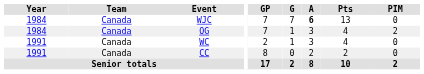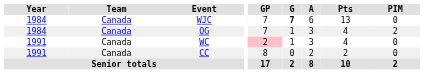 <table border="0" cellpadding="1" cellspacing="0" style="text-align:center; width:50em">
 <tr bgcolor="#e0e0e0">
 <th>Year</th>
 <th>Team</th>
 <th>Event</th>
 <th rowspan="99" bgcolor="#ffffff"></th>
 <th>GP</th>
 <th>G</th>
 <th>A</th>
 <th>Pts</th>
 <th>PIM</th>
 </tr>
 <tr>
 <td><a href='#'>1984</a></td>
 <td><a href='#'>Canada</a></td>
 <td><a href='#'>WJC</a></td>
 <td>7</td>
-<td>7</td>
-<td><strong>6</strong></td>
+<td><strong>7</strong></td>
+<td>6</td>
 <td>13</td>
 <td>0</td>
 </tr>
 <tr bgcolor="#f0f0f0">
 <td><a href='#'>1984</a></td>
 <td><a href='#'>Canada</a></td>
 <td><a href='#'>OG</a></td>
 <td>7</td>
 <td>1</td>
 <td>3</td>
 <td>4</td>
 <td>2</td>
 </tr>
 <tr>
 <td><a href='#'>1991</a></td>
 <td>Canada</td>
 <td><a href='#'>WC</a></td>
-<td>2</td>
+<td style="background: pink;">2</td>
 <td>1</td>
 <td>3</td>
 <td>4</td>
 <td>0</td>
 </tr>
 <tr bgcolor="#f0f0f0">
 <td><a href='#'>1991</a></td>
 <td>Canada</td>
 <td><a href='#'>CC</a></td>
 <td>8</td>
 <td>0</td>
 <td>2</td>
 <td>2</td>
 <td>0</td>
 </tr>
 <tr bgcolor="#e0e0e0">
 <th colspan=3>Senior totals</th>
 <th>17</th>
 <th>2</th>
 <th>8</th>
 <th>10</th>
 <th>2</th>
 </tr>
 </table>
